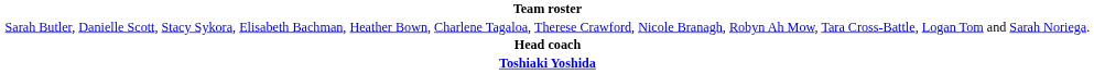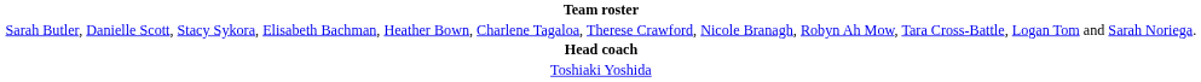 <table style="text-align:center;margin-top:2em;margin-left:auto;margin-right:auto">
 <tr>
 <td><strong>Team roster</strong></td>
 </tr>
 <tr>
 <td><a href='#'>Sarah Butler</a>, <a href='#'>Danielle Scott</a>, <a href='#'>Stacy Sykora</a>, <a href='#'>Elisabeth Bachman</a>, <a href='#'>Heather Bown</a>, <a href='#'>Charlene Tagaloa</a>, <a href='#'>Therese Crawford</a>, <a href='#'>Nicole Branagh</a>, <a href='#'>Robyn Ah Mow</a>, <a href='#'>Tara Cross-Battle</a>, <a href='#'>Logan Tom</a> and <a href='#'>Sarah Noriega</a>.</td>
 </tr>
 <tr>
 <td><strong>Head coach</strong></td>
 </tr>
 <tr>
-<td><strong><a href='#'>Toshiaki Yoshida</a></strong></td>
+<td><a href='#'>Toshiaki Yoshida</a></td>
 </tr>
 </table>
